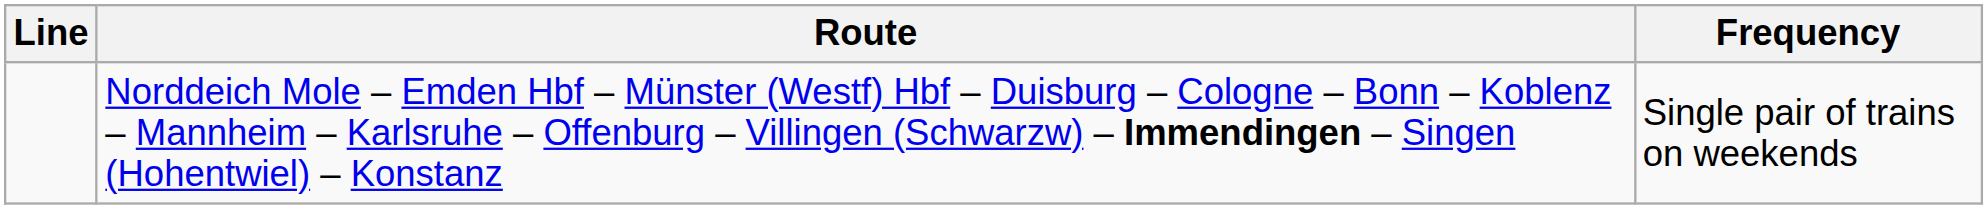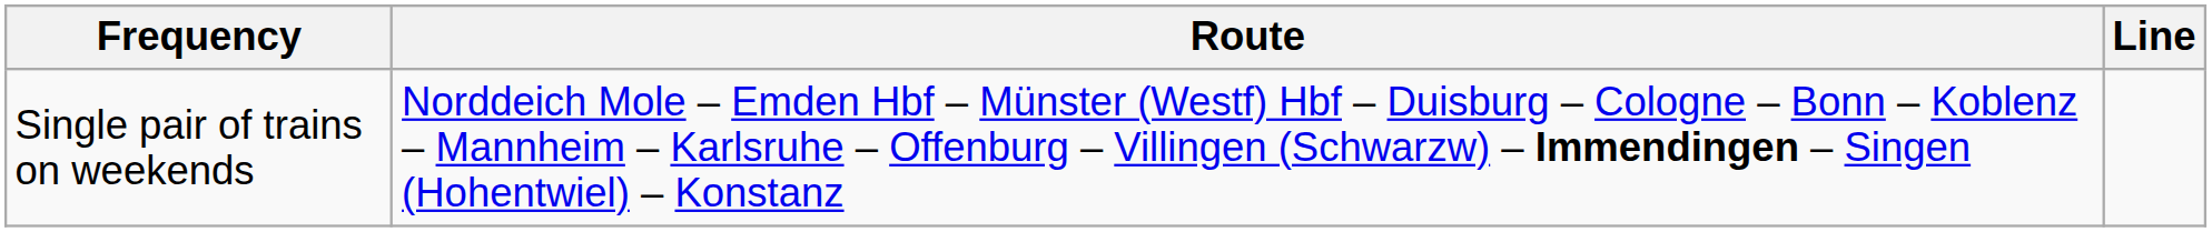 <table class="wikitable">
 <tr style="background-color:#e3e3e3;">
+<th>Frequency</th>
+<th>Route</th>
 <th>Line</th>
-<th>Route</th>
-<th>Frequency</th>
 </tr>
 <tr>
+<td>Single pair of trains on weekends</td>
+<td><a href='#'>Norddeich Mole</a> – <a href='#'>Emden Hbf</a> – <a href='#'>Münster (Westf) Hbf</a> – <a href='#'>Duisburg</a> – <a href='#'>Cologne</a> – <a href='#'>Bonn</a> – <a href='#'>Koblenz</a> – <a href='#'>Mannheim</a> – <a href='#'>Karlsruhe</a> – <a href='#'>Offenburg</a> – <a href='#'>Villingen (Schwarzw)</a> – <strong>Immendingen</strong> – <a href='#'>Singen (Hohentwiel)</a> – <a href='#'>Konstanz</a></td>
 <td align="center"></td>
-<td><a href='#'>Norddeich Mole</a> – <a href='#'>Emden Hbf</a> – <a href='#'>Münster (Westf) Hbf</a> – <a href='#'>Duisburg</a> – <a href='#'>Cologne</a> – <a href='#'>Bonn</a> – <a href='#'>Koblenz</a> – <a href='#'>Mannheim</a> – <a href='#'>Karlsruhe</a> – <a href='#'>Offenburg</a> – <a href='#'>Villingen (Schwarzw)</a> – <strong>Immendingen</strong> – <a href='#'>Singen (Hohentwiel)</a> – <a href='#'>Konstanz</a></td>
-<td>Single pair of trains on weekends</td>
 </tr>
 </table>
